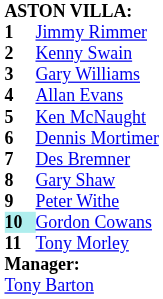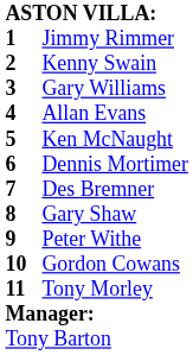 <table style="font-size: 90%" cellspacing="0" cellpadding="0" align=center>
 <tr>
 <td colspan="4"><strong>ASTON VILLA:</strong></td>
 </tr>
 <tr>
 <th width="25"></th>
 </tr>
 <tr>
 <td><strong>1</strong></td>
 <td> <a href='#'>Jimmy Rimmer</a></td>
 </tr>
 <tr>
 <td><strong>2</strong></td>
 <td> <a href='#'>Kenny Swain</a></td>
 </tr>
 <tr>
 <td><strong>3</strong></td>
 <td> <a href='#'>Gary Williams</a></td>
 </tr>
 <tr>
 <td><strong>4</strong></td>
 <td> <a href='#'>Allan Evans</a></td>
 </tr>
 <tr>
 <td><strong>5</strong></td>
 <td> <a href='#'>Ken McNaught</a></td>
 </tr>
 <tr>
 <td><strong>6</strong></td>
 <td> <a href='#'>Dennis Mortimer</a></td>
 </tr>
 <tr>
 <td><strong>7</strong></td>
 <td> <a href='#'>Des Bremner</a></td>
 </tr>
 <tr>
 <td><strong>8</strong></td>
 <td> <a href='#'>Gary Shaw</a></td>
 </tr>
 <tr>
 <td><strong>9</strong></td>
 <td> <a href='#'>Peter Withe</a></td>
 </tr>
 <tr>
-<td style="background: paleturquoise;"><strong>10</strong></td>
+<td><strong>10</strong></td>
 <td> <a href='#'>Gordon Cowans</a></td>
 </tr>
 <tr>
 <td><strong>11</strong></td>
 <td> <a href='#'>Tony Morley</a></td>
 </tr>
 <tr>
 <td colspan=4><strong>Manager:</strong></td>
 </tr>
 <tr>
 <td colspan="4"> <a href='#'>Tony Barton</a></td>
 </tr>
 </table>
